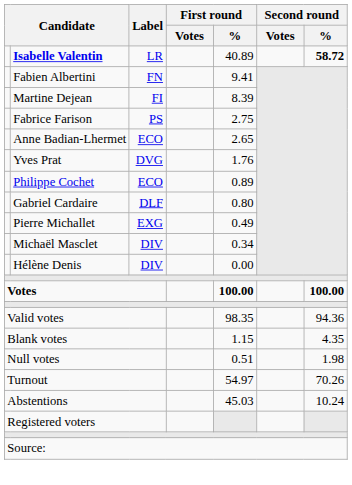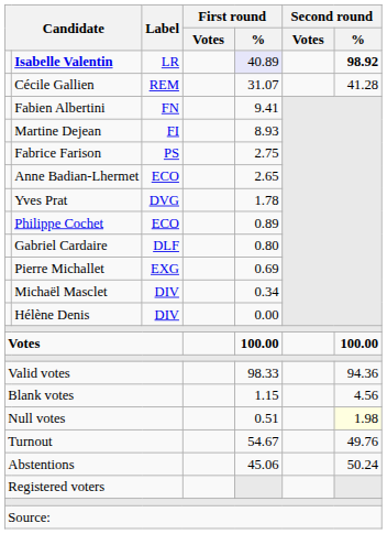 <table class="wikitable" style="text-align:right;font-size:95%;">
 <tr>
 <th rowspan="2" colspan="2">Candidate</th>
 <th rowspan="2">Label</th>
 <th colspan="2">First round</th>
 <th colspan="2">Second round</th>
 </tr>
 <tr>
 <th style="width:50px;">Votes</th>
 <th style="width:45px;">%</th>
 <th style="width:50px;">Votes</th>
 <th style="width:45px;">%</th>
 </tr>
 <tr>
 <td style="color:inherit;background:"></td>
 <td style="text-align:left;"><strong><a href='#'>Isabelle Valentin</a></strong></td>
 <td><a href='#'>LR</a></td>
 <td></td>
-<td>40.89</td>
+<td style="background: lavender;">40.89</td>
 <td><strong></strong></td>
-<td><strong>58.72</strong></td>
+<td><strong>98.92</strong></td>
+</tr>
+<tr>
+<td style="color:inherit;background:"></td>
+<td style="text-align:left;">Cécile Gallien</td>
+<td><a href='#'>REM</a></td>
+<td></td>
+<td>31.07</td>
+<td></td>
+<td>41.28</td>
 </tr>
 <tr>
 <td style="color:inherit;background:"></td>
 <td style="text-align:left;">Fabien Albertini</td>
 <td><a href='#'>FN</a></td>
 <td></td>
 <td>9.41</td>
 <td colspan="2" rowspan="10" style="background:#E9E9E9;"></td>
 </tr>
 <tr>
 <td style="color:inherit;background:"></td>
 <td style="text-align:left;">Martine Dejean</td>
 <td><a href='#'>FI</a></td>
 <td></td>
-<td>8.39</td>
+<td>8.93</td>
 </tr>
 <tr>
 <td style="color:inherit;background:"></td>
 <td style="text-align:left;">Fabrice Farison</td>
 <td><a href='#'>PS</a></td>
 <td></td>
 <td>2.75</td>
 </tr>
 <tr>
 <td style="color:inherit;background:"></td>
 <td style="text-align:left;">Anne Badian-Lhermet</td>
 <td><a href='#'>ECO</a></td>
 <td></td>
 <td>2.65</td>
 </tr>
 <tr>
 <td style="color:inherit;background:"></td>
 <td style="text-align:left;">Yves Prat</td>
 <td><a href='#'>DVG</a></td>
 <td></td>
-<td>1.76</td>
+<td>1.78</td>
 </tr>
 <tr>
 <td style="color:inherit;background:"></td>
 <td style="text-align:left;"><a href='#'>Philippe Cochet</a></td>
 <td><a href='#'>ECO</a></td>
 <td></td>
 <td>0.89</td>
 </tr>
 <tr>
 <td style="color:inherit;background:"></td>
 <td style="text-align:left;">Gabriel Cardaire</td>
 <td><a href='#'>DLF</a></td>
 <td></td>
 <td>0.80</td>
 </tr>
 <tr>
 <td style="color:inherit;background:"></td>
 <td style="text-align:left;">Pierre Michallet</td>
 <td><a href='#'>EXG</a></td>
 <td></td>
-<td>0.49</td>
+<td>0.69</td>
 </tr>
 <tr>
 <td style="color:inherit;background:"></td>
 <td style="text-align:left;">Michaël Masclet</td>
 <td><a href='#'>DIV</a></td>
 <td></td>
 <td>0.34</td>
 </tr>
 <tr>
 <td style="color:inherit;background:"></td>
 <td style="text-align:left;">Hélène Denis</td>
 <td><a href='#'>DIV</a></td>
 <td></td>
 <td>0.00</td>
 </tr>
 <tr>
 <td colspan="7" style="background:#E9E9E9;"></td>
 </tr>
 <tr style="font-weight:bold;">
 <td colspan="3" style="text-align:left;">Votes</td>
 <td></td>
 <td>100.00</td>
 <td></td>
 <td>100.00</td>
 </tr>
 <tr>
 <td colspan="7" style="background:#E9E9E9;"></td>
 </tr>
 <tr>
 <td colspan="3" style="text-align:left;">Valid votes</td>
 <td></td>
-<td>98.35</td>
+<td>98.33</td>
 <td></td>
 <td>94.36</td>
 </tr>
 <tr>
 <td colspan="3" style="text-align:left;">Blank votes</td>
 <td></td>
 <td>1.15</td>
 <td></td>
-<td>4.35</td>
+<td>4.56</td>
 </tr>
 <tr>
 <td colspan="3" style="text-align:left;">Null votes</td>
 <td></td>
 <td>0.51</td>
 <td></td>
-<td>1.98</td>
+<td style="background: lightyellow;">1.98</td>
 </tr>
 <tr>
 <td colspan="3" style="text-align:left;">Turnout</td>
 <td></td>
-<td>54.97</td>
+<td>54.67</td>
 <td></td>
-<td>70.26</td>
+<td>49.76</td>
 </tr>
 <tr>
 <td colspan="3" style="text-align:left;">Abstentions</td>
 <td></td>
-<td>45.03</td>
+<td>45.06</td>
 <td></td>
-<td>10.24</td>
+<td>50.24</td>
 </tr>
 <tr>
 <td colspan="3" style="text-align:left;">Registered voters</td>
 <td></td>
 <td style="color:inherit;background:#E9E9E9;"></td>
 <td></td>
 <td style="color:inherit;background:#E9E9E9;"></td>
 </tr>
 <tr>
 <td colspan="7" style="background:#E9E9E9;"></td>
 </tr>
 <tr>
 <td colspan="7" style="text-align:left;">Source: </td>
 </tr>
 </table>
